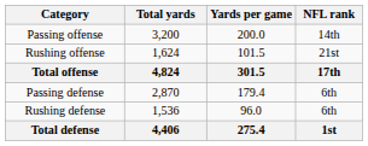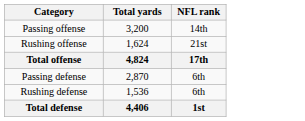 <table class="wikitable" style="text-align:center">
 <tr>
 <th width=150px>Category</th>
 <th width=100px>Total yards</th>
-<th width=110px>Yards per game</th>
 <th width=80px>NFL rank<br></th>
 </tr>
 <tr>
 <td>Passing offense</td>
 <td>3,200</td>
-<td>200.0</td>
 <td>14th</td>
 </tr>
 <tr>
 <td>Rushing offense</td>
 <td>1,624</td>
-<td>101.5</td>
 <td>21st</td>
 </tr>
 <tr>
 <th>Total offense</th>
 <th>4,824</th>
-<th>301.5</th>
 <th>17th</th>
 </tr>
 <tr>
 <td>Passing defense</td>
 <td>2,870</td>
-<td>179.4</td>
 <td>6th</td>
 </tr>
 <tr>
 <td>Rushing defense</td>
 <td>1,536</td>
-<td>96.0</td>
 <td>6th</td>
 </tr>
 <tr>
 <th>Total defense</th>
 <th>4,406</th>
-<th>275.4</th>
 <th>1st</th>
 </tr>
 </table>
